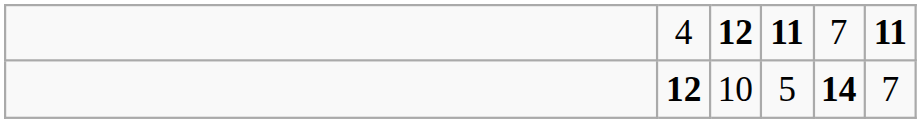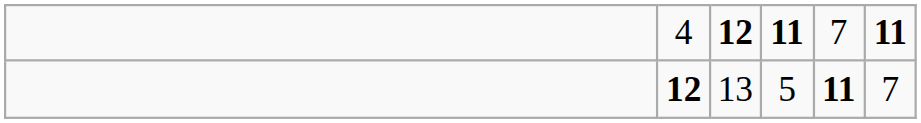 <table class="wikitable">
 <tr>
 <td style="width:18em"></td>
 <td align=center style="width:1em">4</td>
 <td align=center style="width:1em"><strong>12</strong></td>
 <td align=center style="width:1em"><strong>11</strong></td>
 <td align=center style="width:1em">7</td>
 <td align=center style="width:1em"><strong>11</strong></td>
 </tr>
 <tr>
 <td style="width:18em"></td>
 <td align=center style="width:1em"><strong>12</strong></td>
-<td align=center style="width:1em">10</td>
+<td align=center style="width:1em">13</td>
 <td align=center style="width:1em">5</td>
-<td align=center style="width:1em"><strong>14</strong></td>
+<td align=center style="width:1em"><strong>11</strong></td>
 <td align=center style="width:1em">7</td>
 </tr>
 </table>
